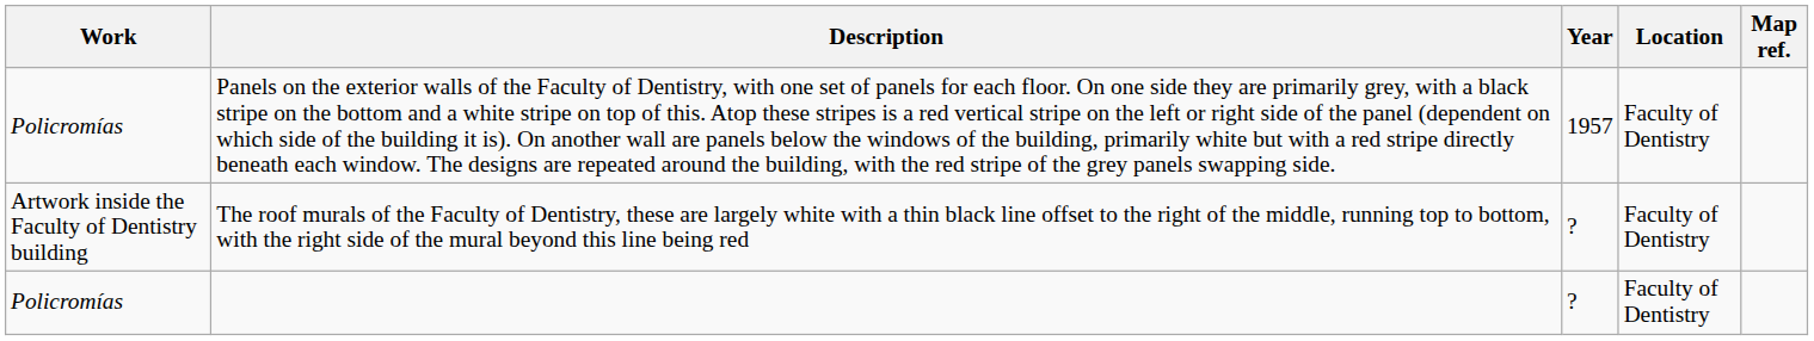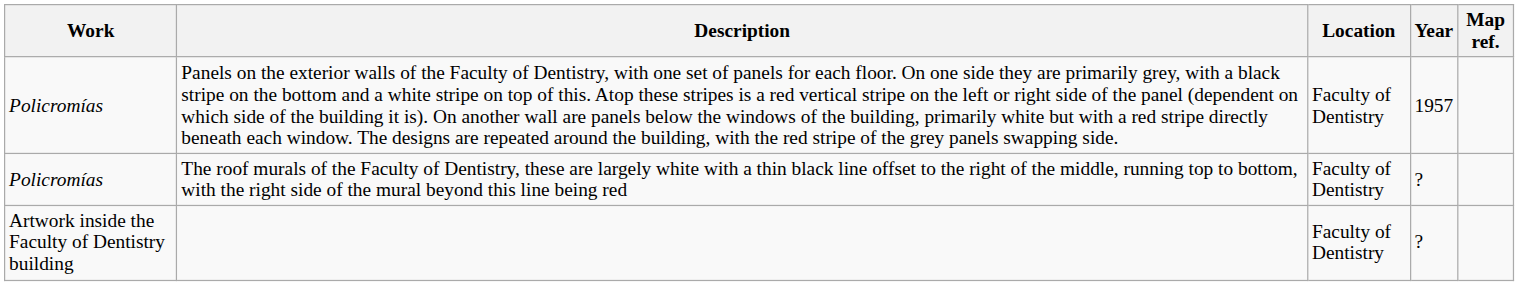 <table class="wikitable mw-collapsible">
 <tr>
 <th>Work</th>
 <th>Description</th>
+<th>Location</th>
 <th>Year</th>
-<th>Location</th>
 <th>Map ref.</th>
 </tr>
 <tr>
 <td><em>Policromías</em></td>
 <td>Panels on the exterior walls of the Faculty of Dentistry, with one set of panels for each floor. On one side they are primarily grey, with a black stripe on the bottom and a white stripe on top of this. Atop these stripes is a red vertical stripe on the left or right side of the panel (dependent on which side of the building it is). On another wall are panels below the windows of the building, primarily white but with a red stripe directly beneath each window. The designs are repeated around the building, with the red stripe of the grey panels swapping side.</td>
+<td>Faculty of Dentistry</td>
 <td>1957</td>
+<td></td>
+</tr>
+<tr>
+<td><em>Policromías</em></td>
+<td>The roof murals of the Faculty of Dentistry, these are largely white with a thin black line offset to the right of the middle, running top to bottom, with the right side of the mural beyond this line being red</td>
 <td>Faculty of Dentistry</td>
+<td>?</td>
 <td></td>
 </tr>
 <tr>
 <td>Artwork inside the Faculty of Dentistry building</td>
-<td>The roof murals of the Faculty of Dentistry, these are largely white with a thin black line offset to the right of the middle, running top to bottom, with the right side of the mural beyond this line being red</td>
+<td></td>
+<td>Faculty of Dentistry</td>
 <td>?</td>
-<td>Faculty of Dentistry</td>
-<td></td>
-</tr>
-<tr>
-<td><em>Policromías</em></td>
-<td></td>
-<td>?</td>
-<td>Faculty of Dentistry</td>
 <td></td>
 </tr>
 </table>
